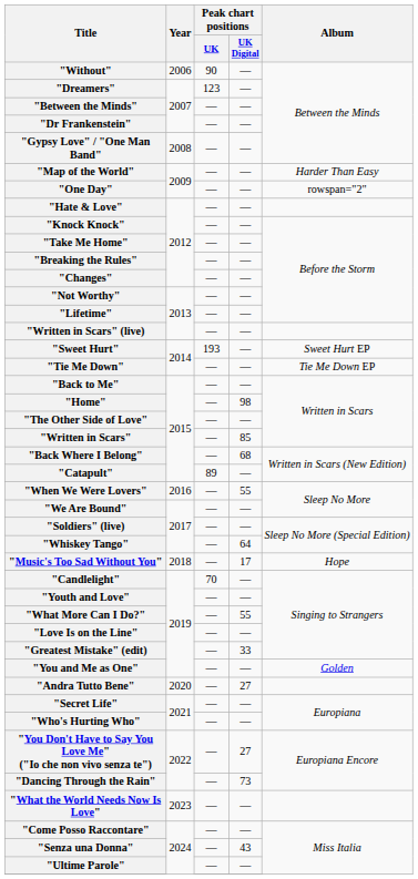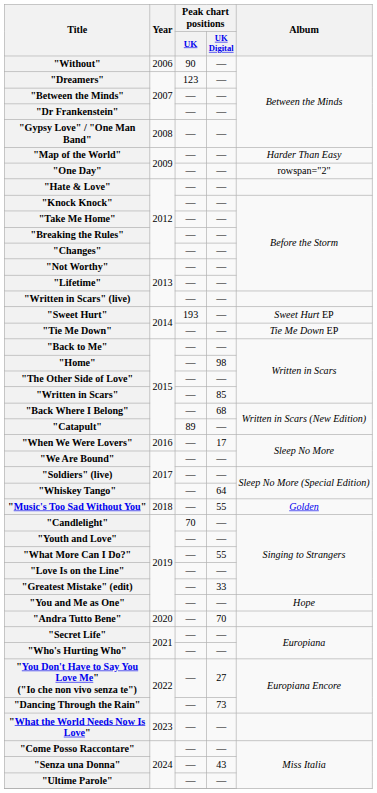 <table class="wikitable plainrowheaders" style="text-align:center;">
 <tr>
 <th scope="col" rowspan="2" style="width:14em;">Title</th>
 <th scope="col" rowspan="2">Year</th>
 <th scope="col" colspan="2">Peak chart positions</th>
 <th scope="col" rowspan="2">Album</th>
 </tr>
 <tr>
 <th scope="col" style="width:3em;font-size:90%;"><a href='#'>UK</a><br></th>
 <th scope="col" style="width:3em;font-size:85%;"><a href='#'>UK Digital</a><br></th>
 </tr>
 <tr>
 <th scope="row">"Without"</th>
 <td>2006</td>
 <td>90</td>
 <td>—</td>
 <td rowspan="5"><em>Between the Minds</em></td>
 </tr>
 <tr>
 <th scope="row">"Dreamers"</th>
 <td rowspan="3">2007</td>
 <td>123</td>
 <td>—</td>
 </tr>
 <tr>
 <th scope="row">"Between the Minds"</th>
 <td>—</td>
 <td>—</td>
 </tr>
 <tr>
 <th scope="row">"Dr Frankenstein"</th>
 <td>—</td>
 <td>—</td>
 </tr>
 <tr>
 <th scope="row">"Gypsy Love" / "One Man Band"</th>
 <td>2008</td>
 <td>—</td>
 <td>—</td>
 </tr>
 <tr>
 <th scope="row">"Map of the World"</th>
 <td rowspan="2">2009</td>
 <td>—</td>
 <td>—</td>
 <td><em>Harder Than Easy</em></td>
 </tr>
 <tr>
 <th scope="row">"One Day"</th>
 <td>—</td>
 <td>—</td>
 <td>rowspan="2" </td>
 </tr>
 <tr>
 <th scope="row">"Hate & Love"</th>
 <td rowspan="5">2012</td>
 <td>—</td>
 <td>—</td>
 </tr>
 <tr>
 <th scope="row">"Knock Knock"</th>
 <td>—</td>
 <td>—</td>
 <td rowspan="6"><em>Before the Storm</em></td>
 </tr>
 <tr>
 <th scope="row">"Take Me Home"</th>
 <td>—</td>
 <td>—</td>
 </tr>
 <tr>
 <th scope="row">"Breaking the Rules"</th>
 <td>—</td>
 <td>—</td>
 </tr>
 <tr>
 <th scope="row">"Changes"</th>
 <td>—</td>
 <td>—</td>
 </tr>
 <tr>
 <th scope="row">"Not Worthy"</th>
 <td rowspan="3">2013</td>
 <td>—</td>
 <td>—</td>
 </tr>
 <tr>
 <th scope="row">"Lifetime"</th>
 <td>—</td>
 <td>—</td>
 </tr>
 <tr>
 <th scope="row">"Written in Scars" (live)</th>
 <td>—</td>
 <td>—</td>
 <td></td>
 </tr>
 <tr>
 <th scope="row">"Sweet Hurt"</th>
 <td rowspan="2">2014</td>
 <td>193</td>
 <td>—</td>
 <td><em>Sweet Hurt</em> EP</td>
 </tr>
 <tr>
 <th scope="row">"Tie Me Down"</th>
 <td>—</td>
 <td>—</td>
 <td><em>Tie Me Down</em> EP</td>
 </tr>
 <tr>
 <th scope="row">"Back to Me"</th>
 <td rowspan="6">2015</td>
 <td>—</td>
 <td>—</td>
 <td rowspan="4"><em>Written in Scars</em></td>
 </tr>
 <tr>
 <th scope="row">"Home"</th>
 <td>—</td>
 <td>98</td>
 </tr>
 <tr>
 <th scope="row">"The Other Side of Love"</th>
 <td>—</td>
 <td>—</td>
 </tr>
 <tr>
 <th scope="row">"Written in Scars"</th>
 <td>—</td>
 <td>85</td>
 </tr>
 <tr>
 <th scope="row">"Back Where I Belong"</th>
 <td>—</td>
 <td>68</td>
 <td rowspan="2"><em>Written in Scars (New Edition)</em></td>
 </tr>
 <tr>
 <th scope="row">"Catapult"</th>
 <td>89</td>
 <td>—</td>
 </tr>
 <tr>
 <th scope="row">"When We Were Lovers"</th>
 <td>2016</td>
 <td>—</td>
-<td>55</td>
+<td>17</td>
 <td rowspan="2"><em>Sleep No More</em></td>
 </tr>
 <tr>
 <th scope="row">"We Are Bound"</th>
 <td rowspan="3">2017</td>
 <td>—</td>
 <td>—</td>
 </tr>
 <tr>
 <th scope="row">"Soldiers" (live)</th>
 <td>—</td>
 <td>—</td>
 <td rowspan="2"><em>Sleep No More (Special Edition)</em></td>
 </tr>
 <tr>
 <th scope="row">"Whiskey Tango"</th>
 <td>—</td>
 <td>64</td>
 </tr>
 <tr>
 <th scope="row">"<a href='#'>Music's Too Sad Without You</a>"<br></th>
 <td>2018</td>
 <td>—</td>
-<td>17</td>
-<td><em>Hope</em></td>
+<td>55</td>
+<td><em><a href='#'>Golden</a></em></td>
 </tr>
 <tr>
 <th scope="row">"Candlelight"</th>
 <td rowspan="6">2019</td>
 <td>70</td>
 <td>—</td>
 <td rowspan="5"><em>Singing to Strangers</em></td>
 </tr>
 <tr>
 <th scope="row">"Youth and Love"</th>
 <td>—</td>
 <td>—</td>
 </tr>
 <tr>
 <th scope="row">"What More Can I Do?"</th>
 <td>—</td>
 <td>55</td>
 </tr>
 <tr>
 <th scope="row">"Love Is on the Line"</th>
 <td>—</td>
 <td>—</td>
 </tr>
 <tr>
 <th scope="row">"Greatest Mistake" (edit)</th>
 <td>—</td>
 <td>33</td>
 </tr>
 <tr>
 <th scope="row">"You and Me as One"<br></th>
 <td>—</td>
 <td>—</td>
-<td><em><a href='#'>Golden</a></em></td>
+<td><em>Hope</em></td>
 </tr>
 <tr>
 <th scope="row">"Andra Tutto Bene"</th>
 <td>2020</td>
 <td>—</td>
-<td>27</td>
+<td>70</td>
 <td></td>
 </tr>
 <tr>
 <th scope="row">"Secret Life"</th>
 <td rowspan="2">2021</td>
 <td>—</td>
 <td>—</td>
 <td rowspan="2"><em>Europiana</em></td>
 </tr>
 <tr>
 <th scope="row">"Who's Hurting Who"</th>
 <td>—</td>
 <td>—</td>
 </tr>
 <tr>
 <th scope="row">"<a href='#'>You Don't Have to Say You Love Me</a>"<br>("Io che non vivo senza te")</th>
 <td rowspan="2">2022</td>
 <td>—</td>
 <td>27</td>
 <td rowspan="2"><em>Europiana Encore</em></td>
 </tr>
 <tr>
 <th scope="row">"Dancing Through the Rain"</th>
 <td>—</td>
 <td>73</td>
 </tr>
 <tr>
 <th scope="row">"<a href='#'>What the World Needs Now Is Love</a>"<br></th>
 <td rowspan="1">2023</td>
 <td>—</td>
 <td>—</td>
 <td></td>
 </tr>
 <tr>
 <th scope="row">"Come Posso Raccontare"</th>
 <td rowspan="4">2024</td>
 <td>—</td>
 <td>—</td>
 <td rowspan="4"><em>Miss Italia</em></td>
 </tr>
 <tr>
 <th scope="row">"Senza una Donna"<br></th>
 <td>—</td>
 <td>43</td>
 </tr>
 <tr>
 <th scope="row">"Ultime Parole"<br></th>
 <td>—</td>
 <td>—</td>
 </tr>
 <tr>
 </tr>
 </table>
